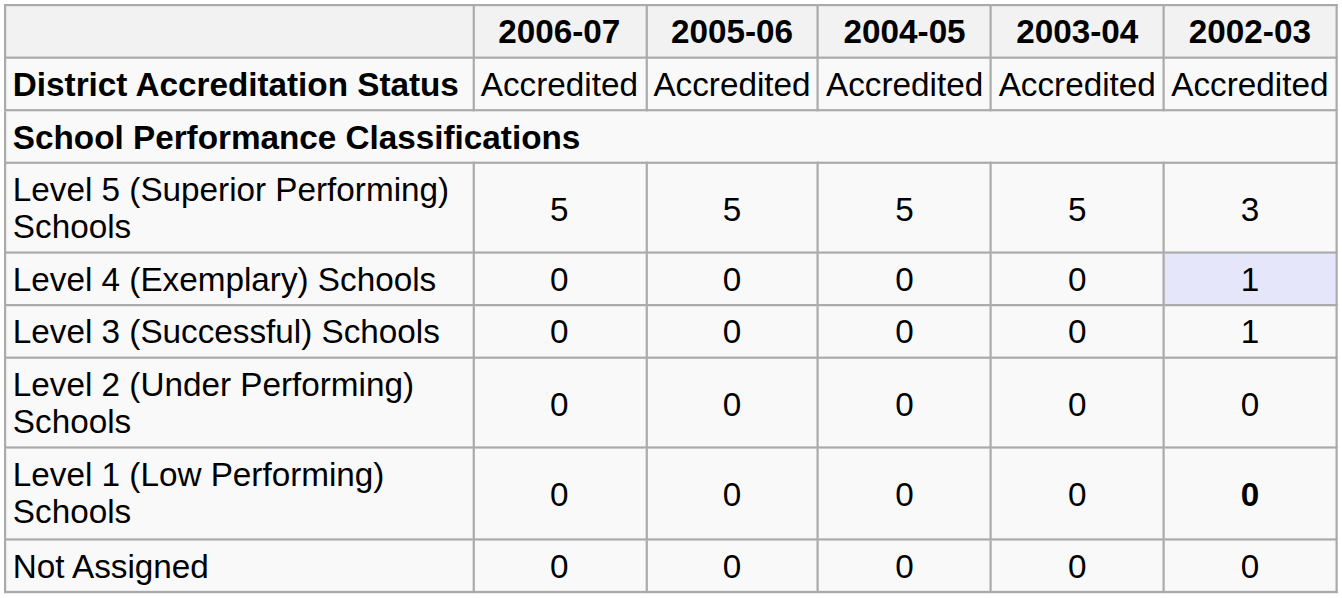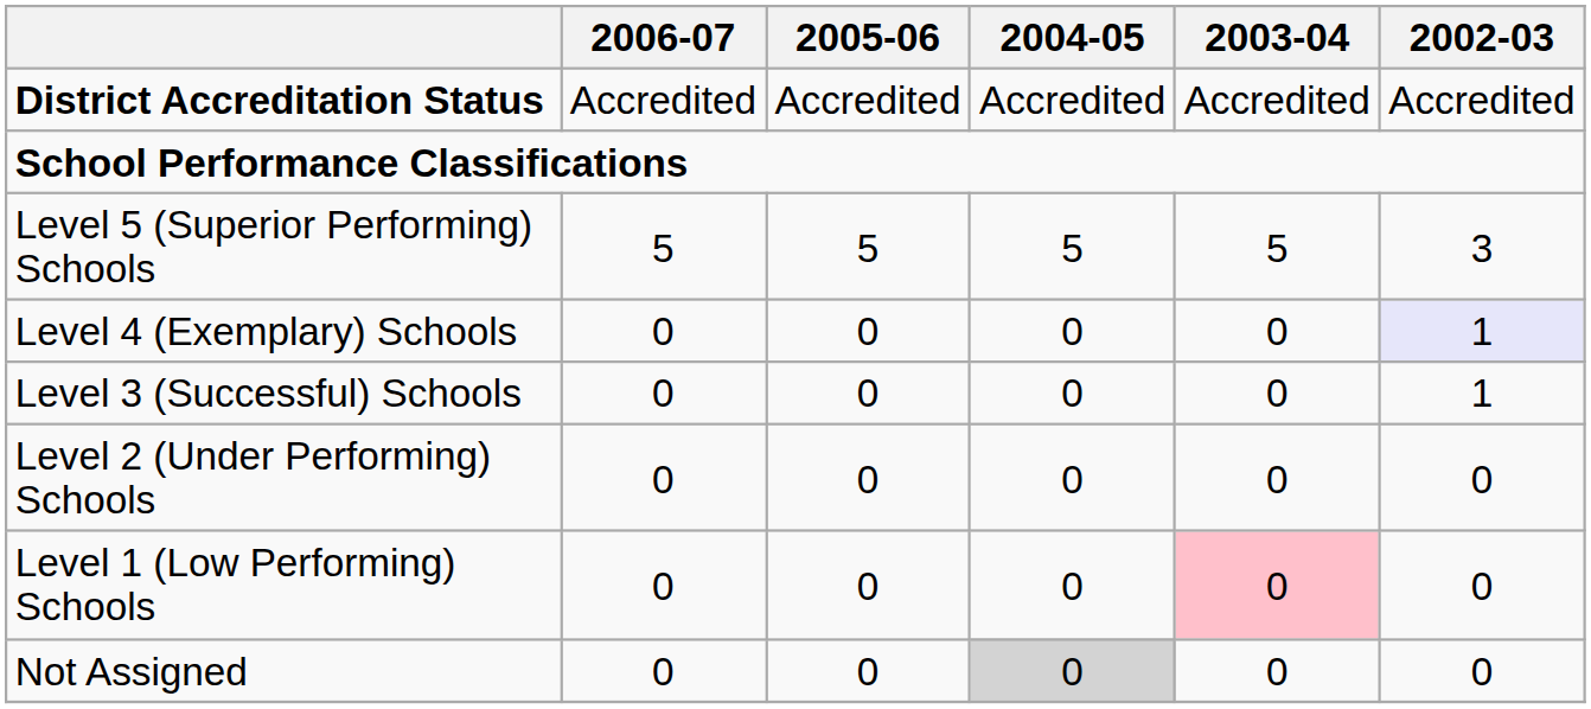 <table class="wikitable" style="font-size: 95%;">
 <tr>
 <th></th>
 <th>2006-07</th>
 <th>2005-06</th>
 <th>2004-05</th>
 <th>2003-04</th>
 <th>2002-03</th>
 </tr>
 <tr>
 <td align="left"><strong>District Accreditation Status</strong></td>
 <td align="center">Accredited</td>
 <td align="center">Accredited</td>
 <td align="center">Accredited</td>
 <td align="center">Accredited</td>
 <td align="center">Accredited</td>
 </tr>
 <tr>
 <td align="left" colspan="6"><strong>School Performance Classifications</strong></td>
 </tr>
 <tr>
 <td align="left">Level 5 (Superior Performing) Schools</td>
 <td align="center">5</td>
 <td align="center">5</td>
 <td align="center">5</td>
 <td align="center">5</td>
 <td align="center">3</td>
 </tr>
 <tr>
 <td align="left">Level 4 (Exemplary) Schools</td>
 <td align="center">0</td>
 <td align="center">0</td>
 <td align="center">0</td>
 <td align="center">0</td>
 <td align="center" style="background: lavender;">1</td>
 </tr>
 <tr>
 <td align="left">Level 3 (Successful) Schools</td>
 <td align="center">0</td>
 <td align="center">0</td>
 <td align="center">0</td>
 <td align="center">0</td>
 <td align="center">1</td>
 </tr>
 <tr>
 <td align="left">Level 2 (Under Performing) Schools</td>
 <td align="center">0</td>
 <td align="center">0</td>
 <td align="center">0</td>
 <td align="center">0</td>
 <td align="center">0</td>
 </tr>
 <tr>
 <td align="left">Level 1 (Low Performing) Schools</td>
 <td align="center">0</td>
 <td align="center">0</td>
 <td align="center">0</td>
+<td align="center" style="background: pink;">0</td>
 <td align="center">0</td>
-<td align="center"><strong>0</strong></td>
 </tr>
 <tr>
 <td align="left">Not Assigned</td>
 <td align="center">0</td>
 <td align="center">0</td>
-<td align="center">0</td>
+<td align="center" style="background: lightgrey;">0</td>
 <td align="center">0</td>
 <td align="center">0</td>
 </tr>
 <tr>
 </tr>
 </table>
